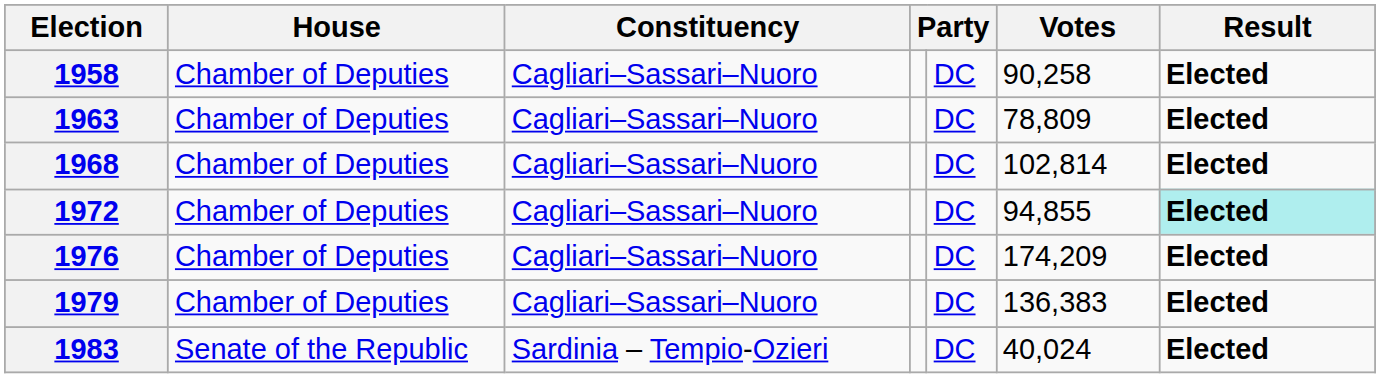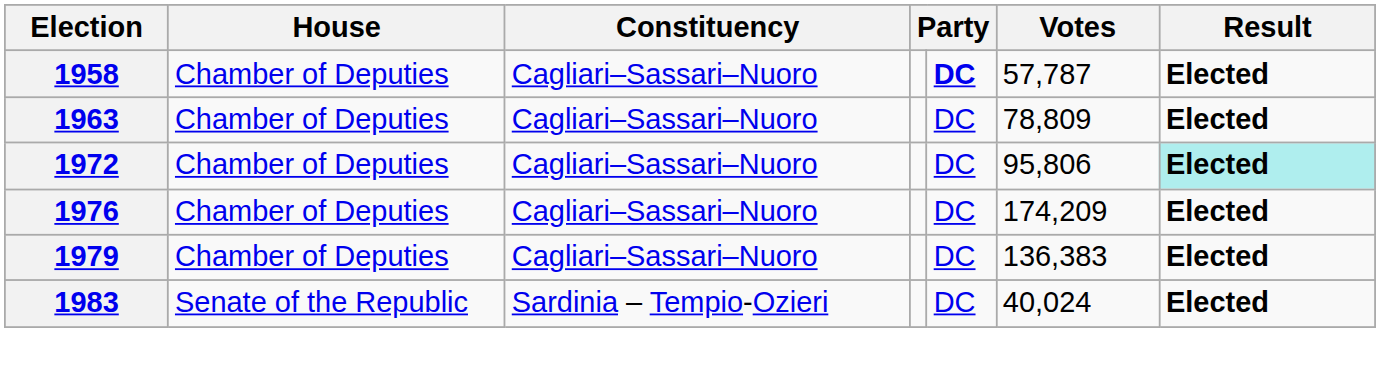 <table class=wikitable style="width:60%; border:1px #AAAAFF solid">
 <tr>
 <th width=12%>Election</th>
 <th width=25%>House</th>
 <th width=30%>Constituency</th>
 <th width=5% colspan="2">Party</th>
 <th width=12%>Votes</th>
 <th width=27%>Result</th>
 </tr>
 <tr>
 <th><a href='#'>1958</a></th>
 <td><a href='#'>Chamber of Deputies</a></td>
 <td><a href='#'>Cagliari–Sassari–Nuoro</a></td>
 <td></td>
-<td><a href='#'>DC</a></td>
-<td>90,258</td>
+<td><strong><a href='#'>DC</a></strong></td>
+<td>57,787</td>
 <td> <strong>Elected</strong></td>
 </tr>
 <tr>
 <th><a href='#'>1963</a></th>
 <td><a href='#'>Chamber of Deputies</a></td>
 <td><a href='#'>Cagliari–Sassari–Nuoro</a></td>
 <td></td>
 <td><a href='#'>DC</a></td>
 <td>78,809</td>
 <td> <strong>Elected</strong></td>
 </tr>
 <tr>
-<th><a href='#'>1968</a></th>
-<td><a href='#'>Chamber of Deputies</a></td>
-<td><a href='#'>Cagliari–Sassari–Nuoro</a></td>
-<td></td>
-<td><a href='#'>DC</a></td>
-<td>102,814</td>
-<td> <strong>Elected</strong></td>
-</tr>
-<tr>
 <th><a href='#'>1972</a></th>
 <td><a href='#'>Chamber of Deputies</a></td>
 <td><a href='#'>Cagliari–Sassari–Nuoro</a></td>
 <td></td>
 <td><a href='#'>DC</a></td>
-<td>94,855</td>
+<td>95,806</td>
 <td style="background: paleturquoise;"> <strong>Elected</strong></td>
 </tr>
 <tr>
 <th><a href='#'>1976</a></th>
 <td><a href='#'>Chamber of Deputies</a></td>
 <td><a href='#'>Cagliari–Sassari–Nuoro</a></td>
 <td></td>
 <td><a href='#'>DC</a></td>
 <td>174,209</td>
 <td> <strong>Elected</strong></td>
 </tr>
 <tr>
 <th><a href='#'>1979</a></th>
 <td><a href='#'>Chamber of Deputies</a></td>
 <td><a href='#'>Cagliari–Sassari–Nuoro</a></td>
 <td></td>
 <td><a href='#'>DC</a></td>
 <td>136,383</td>
 <td> <strong>Elected</strong></td>
 </tr>
 <tr>
 <th><a href='#'>1983</a></th>
 <td><a href='#'>Senate of the Republic</a></td>
 <td><a href='#'>Sardinia</a> – <a href='#'>Tempio</a>-<a href='#'>Ozieri</a></td>
 <td></td>
 <td><a href='#'>DC</a></td>
 <td>40,024</td>
 <td> <strong>Elected</strong></td>
 </tr>
 </table>
